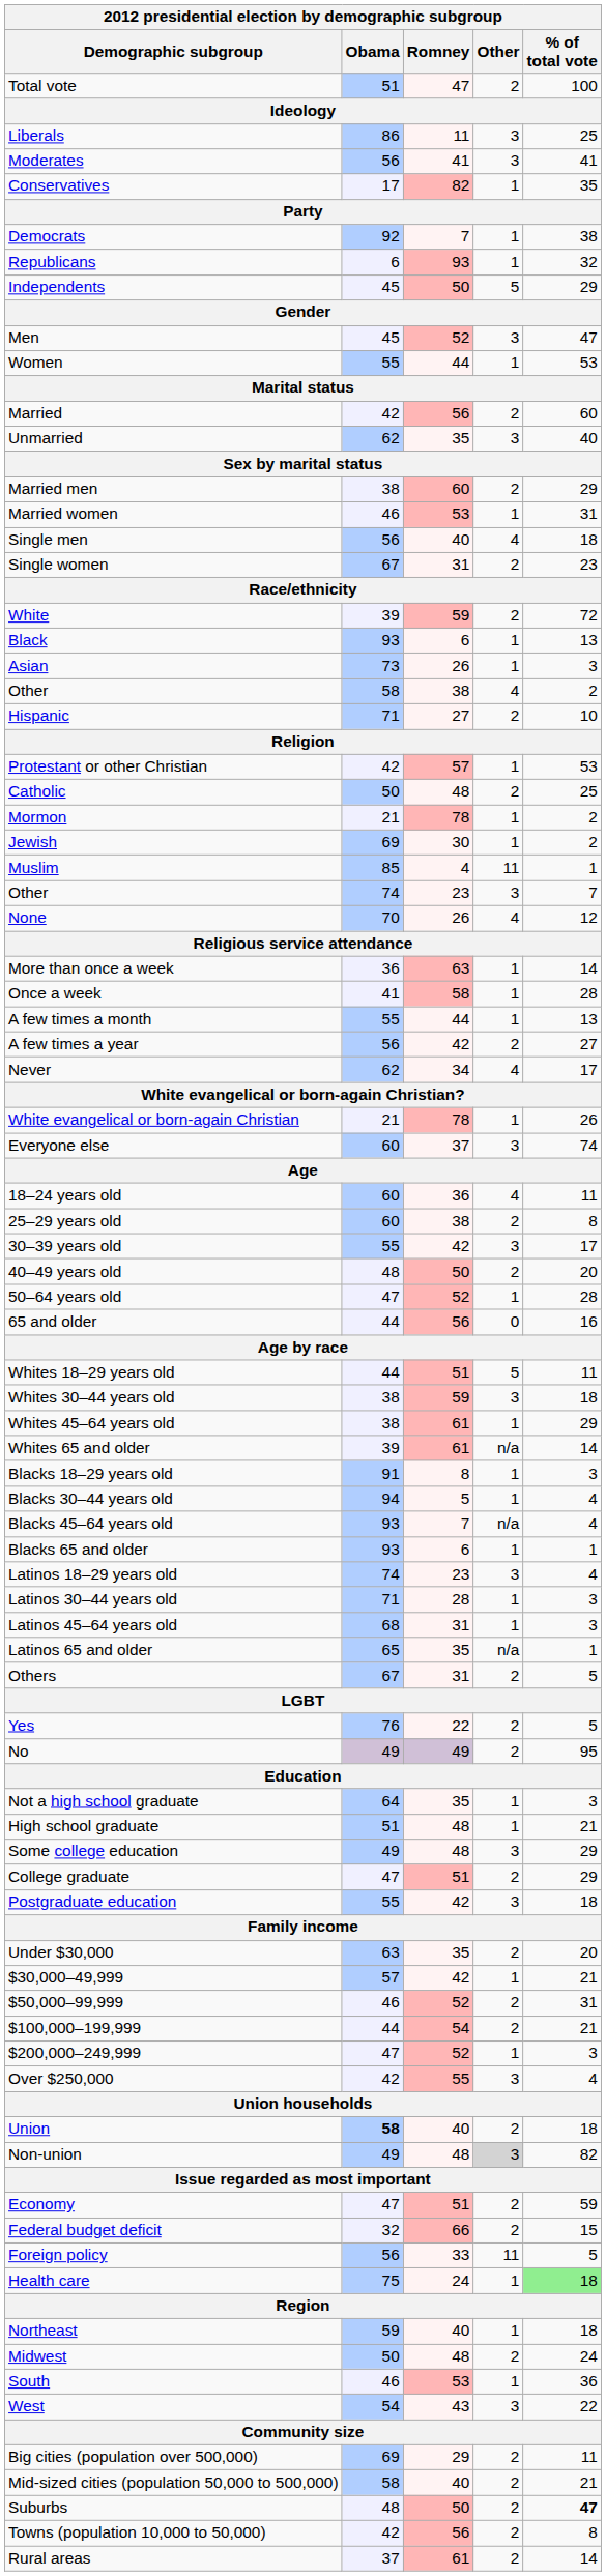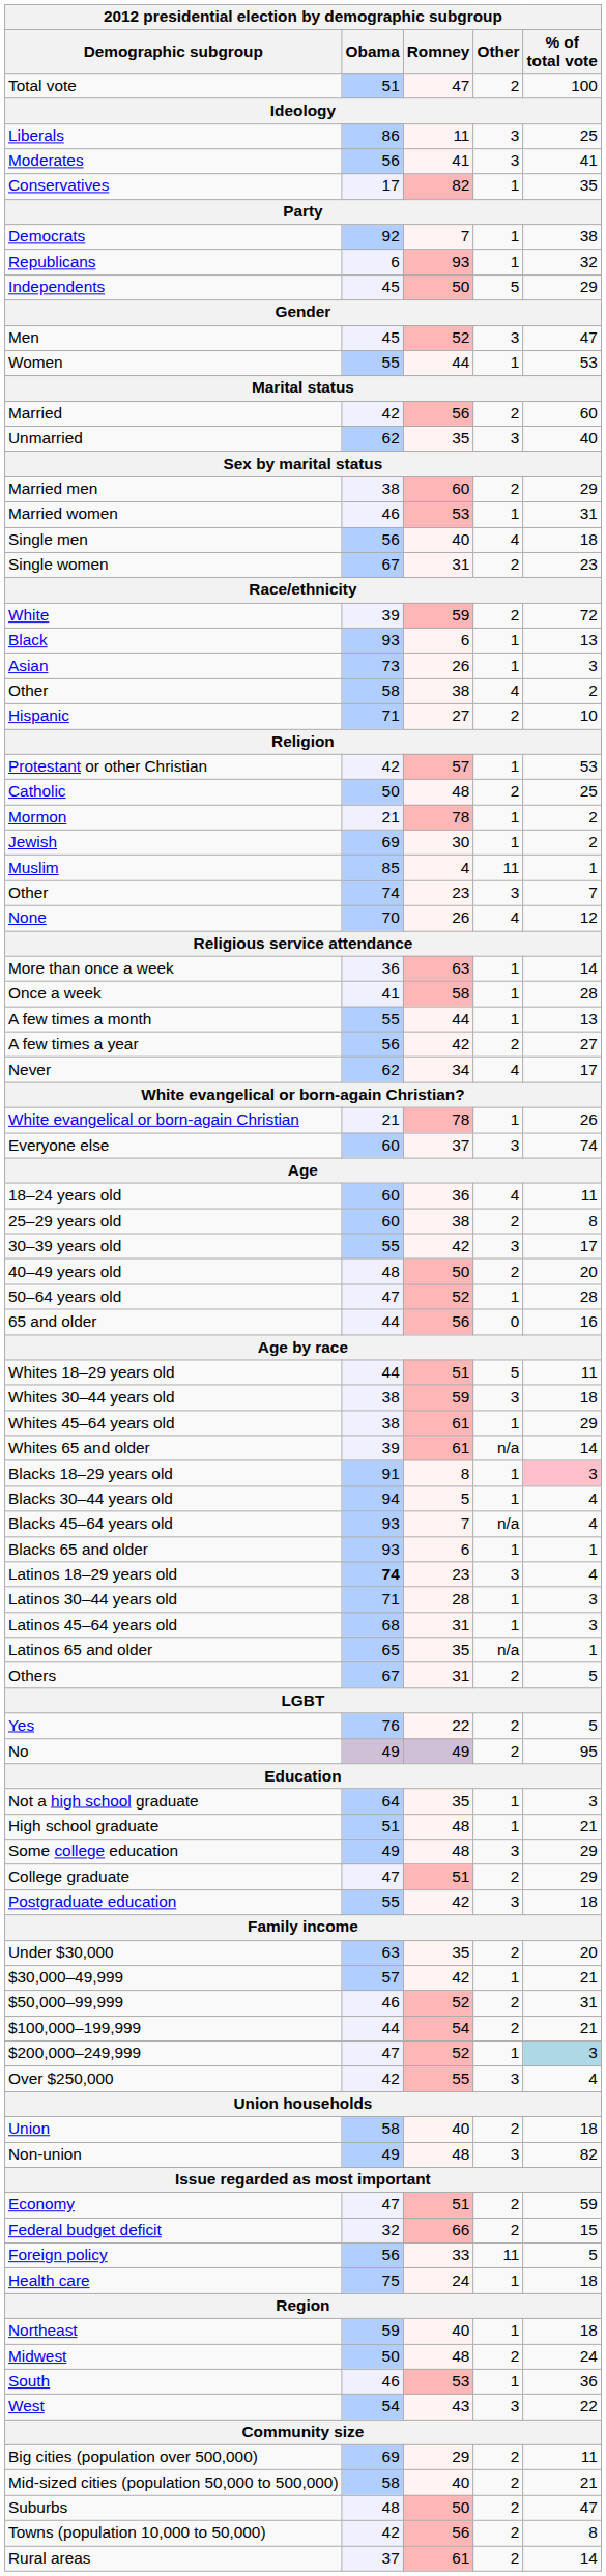 <table class=wikitable>
 <tr>
 <th colspan="8">2012 presidential election by demographic subgroup</th>
 </tr>
 <tr>
 <th>Demographic subgroup</th>
 <th>Obama</th>
 <th>Romney</th>
 <th>Other</th>
 <th>% of<br>total vote</th>
 </tr>
 <tr>
 <td>Total vote</td>
 <td style="text-align:right; background:#b0ceff;">51</td>
 <td style="text-align:right; background:#fff3f3;">47</td>
 <td style="text-align:right;">2</td>
 <td style="text-align:right;">100</td>
 </tr>
 <tr>
 <th colspan=5>Ideology</th>
 </tr>
 <tr>
 <td><a href='#'>Liberals</a></td>
 <td style="text-align:right; background:#b0ceff;">86</td>
 <td style="text-align:right; background:#fff3f3;">11</td>
 <td style="text-align:right;">3</td>
 <td style="text-align:right;">25</td>
 </tr>
 <tr>
 <td><a href='#'>Moderates</a></td>
 <td style="text-align:right; background:#b0ceff;">56</td>
 <td style="text-align:right; background:#fff3f3;">41</td>
 <td style="text-align:right;">3</td>
 <td style="text-align:right;">41</td>
 </tr>
 <tr>
 <td><a href='#'>Conservatives</a></td>
 <td style="text-align:right; background:#f0f0ff;">17</td>
 <td style="text-align:right; background:#ffb6b6;">82</td>
 <td style="text-align:right;">1</td>
 <td style="text-align:right;">35</td>
 </tr>
 <tr>
 <th colspan=5>Party</th>
 </tr>
 <tr>
 <td><a href='#'>Democrats</a></td>
 <td style="text-align:right; background:#b0ceff;">92</td>
 <td style="text-align:right; background:#fff3f3;">7</td>
 <td style="text-align:right;">1</td>
 <td style="text-align:right;">38</td>
 </tr>
 <tr>
 <td><a href='#'>Republicans</a></td>
 <td style="text-align:right; background:#f0f0ff;">6</td>
 <td style="text-align:right; background:#ffb6b6;">93</td>
 <td style="text-align:right;">1</td>
 <td style="text-align:right;">32</td>
 </tr>
 <tr>
 <td><a href='#'>Independents</a></td>
 <td style="text-align:right; background:#f0f0ff;">45</td>
 <td style="text-align:right; background:#ffb6b6;">50</td>
 <td style="text-align:right;">5</td>
 <td style="text-align:right;">29</td>
 </tr>
 <tr>
 <th colspan=5>Gender</th>
 </tr>
 <tr>
 <td>Men</td>
 <td style="text-align:right; background:#f0f0ff;">45</td>
 <td style="text-align:right; background:#ffb6b6;">52</td>
 <td style="text-align:right;">3</td>
 <td style="text-align:right;">47</td>
 </tr>
 <tr>
 <td>Women</td>
 <td style="text-align:right; background:#b0ceff;">55</td>
 <td style="text-align:right; background:#fff3f3;">44</td>
 <td style="text-align:right;">1</td>
 <td style="text-align:right;">53</td>
 </tr>
 <tr>
 <th colspan=5>Marital status</th>
 </tr>
 <tr>
 <td>Married</td>
 <td style="text-align:right; background:#f0f0ff;">42</td>
 <td style="text-align:right; background:#ffb6b6;">56</td>
 <td style="text-align:right;">2</td>
 <td style="text-align:right;">60</td>
 </tr>
 <tr>
 <td>Unmarried</td>
 <td style="text-align:right; background:#b0ceff;">62</td>
 <td style="text-align:right; background:#fff3f3;">35</td>
 <td style="text-align:right;">3</td>
 <td style="text-align:right;">40</td>
 </tr>
 <tr>
 <th colspan=5>Sex by marital status</th>
 </tr>
 <tr>
 <td>Married men</td>
 <td style="text-align:right; background:#f0f0ff;">38</td>
 <td style="text-align:right; background:#ffb6b6;">60</td>
 <td style="text-align:right;">2</td>
 <td style="text-align:right;">29</td>
 </tr>
 <tr>
 <td>Married women</td>
 <td style="text-align:right; background:#f0f0ff;">46</td>
 <td style="text-align:right; background:#ffb6b6;">53</td>
 <td style="text-align:right;">1</td>
 <td style="text-align:right;">31</td>
 </tr>
 <tr>
 <td>Single men</td>
 <td style="text-align:right; background:#b0ceff;">56</td>
 <td style="text-align:right; background:#fff3f3;">40</td>
 <td style="text-align:right;">4</td>
 <td style="text-align:right;">18</td>
 </tr>
 <tr>
 <td>Single women</td>
 <td style="text-align:right; background:#b0ceff;">67</td>
 <td style="text-align:right; background:#fff3f3;">31</td>
 <td style="text-align:right;">2</td>
 <td style="text-align:right;">23</td>
 </tr>
 <tr>
 <th colspan=5>Race/ethnicity</th>
 </tr>
 <tr>
 <td><a href='#'>White</a></td>
 <td style="text-align:right; background:#f0f0ff;">39</td>
 <td style="text-align:right; background:#ffb6b6;">59</td>
 <td style="text-align:right;">2</td>
 <td style="text-align:right;">72</td>
 </tr>
 <tr>
 <td><a href='#'>Black</a></td>
 <td style="text-align:right; background:#b0ceff;">93</td>
 <td style="text-align:right; background:#fff3f3;">6</td>
 <td style="text-align:right;">1</td>
 <td style="text-align:right;">13</td>
 </tr>
 <tr>
 <td><a href='#'>Asian</a></td>
 <td style="text-align:right; background:#b0ceff;">73</td>
 <td style="text-align:right; background:#fff3f3;">26</td>
 <td style="text-align:right;">1</td>
 <td style="text-align:right;">3</td>
 </tr>
 <tr>
 <td>Other</td>
 <td style="text-align:right; background:#b0ceff;">58</td>
 <td style="text-align:right; background:#fff3f3;">38</td>
 <td style="text-align:right;">4</td>
 <td style="text-align:right;">2</td>
 </tr>
 <tr>
 <td><a href='#'>Hispanic</a></td>
 <td style="text-align:right; background:#b0ceff;">71</td>
 <td style="text-align:right; background:#fff3f3;">27</td>
 <td style="text-align:right;">2</td>
 <td style="text-align:right;">10</td>
 </tr>
 <tr>
 <th colspan=5>Religion</th>
 </tr>
 <tr>
 <td><a href='#'>Protestant</a> or other Christian</td>
 <td style="text-align:right; background:#f0f0ff;">42</td>
 <td style="text-align:right; background:#ffb6b6;">57</td>
 <td style="text-align:right;">1</td>
 <td style="text-align:right;">53</td>
 </tr>
 <tr>
 <td><a href='#'>Catholic</a></td>
 <td style="text-align:right; background:#b0ceff;">50</td>
 <td style="text-align:right; background:#fff3f3;">48</td>
 <td style="text-align:right;">2</td>
 <td style="text-align:right;">25</td>
 </tr>
 <tr>
 <td><a href='#'>Mormon</a></td>
 <td style="text-align:right; background:#f0f0ff;">21</td>
 <td style="text-align:right; background:#ffb6b6;">78</td>
 <td style="text-align:right;">1</td>
 <td style="text-align:right;">2</td>
 </tr>
 <tr>
 <td><a href='#'>Jewish</a></td>
 <td style="text-align:right; background:#b0ceff;">69</td>
 <td style="text-align:right; background:#fff3f3;">30</td>
 <td style="text-align:right;">1</td>
 <td style="text-align:right;">2</td>
 </tr>
 <tr>
 <td><a href='#'>Muslim</a></td>
 <td style="text-align:right; background:#b0ceff;">85</td>
 <td style="text-align:right; background:#fff3f3;">4</td>
 <td style="text-align:right;">11</td>
 <td style="text-align:right;">1</td>
 </tr>
 <tr>
 <td>Other</td>
 <td style="text-align:right; background:#b0ceff;">74</td>
 <td style="text-align:right; background:#fff3f3;">23</td>
 <td style="text-align:right;">3</td>
 <td style="text-align:right;">7</td>
 </tr>
 <tr>
 <td><a href='#'>None</a></td>
 <td style="text-align:right; background:#b0ceff;">70</td>
 <td style="text-align:right; background:#fff3f3;">26</td>
 <td style="text-align:right;">4</td>
 <td style="text-align:right;">12</td>
 </tr>
 <tr>
 <th colspan=5>Religious service attendance</th>
 </tr>
 <tr>
 <td>More than once a week</td>
 <td style="text-align:right; background:#f0f0ff;">36</td>
 <td style="text-align:right; background:#ffb6b6;">63</td>
 <td style="text-align:right;">1</td>
 <td style="text-align:right;">14</td>
 </tr>
 <tr>
 <td>Once a week</td>
 <td style="text-align:right; background:#f0f0ff;">41</td>
 <td style="text-align:right; background:#ffb6b6;">58</td>
 <td style="text-align:right;">1</td>
 <td style="text-align:right;">28</td>
 </tr>
 <tr>
 <td>A few times a month</td>
 <td style="text-align:right; background:#b0ceff;">55</td>
 <td style="text-align:right; background:#fff3f3;">44</td>
 <td style="text-align:right;">1</td>
 <td style="text-align:right;">13</td>
 </tr>
 <tr>
 <td>A few times a year</td>
 <td style="text-align:right; background:#b0ceff;">56</td>
 <td style="text-align:right; background:#fff3f3;">42</td>
 <td style="text-align:right;">2</td>
 <td style="text-align:right;">27</td>
 </tr>
 <tr>
 <td>Never</td>
 <td style="text-align:right; background:#b0ceff;">62</td>
 <td style="text-align:right; background:#fff3f3;">34</td>
 <td style="text-align:right;">4</td>
 <td style="text-align:right;">17</td>
 </tr>
 <tr>
 <th colspan=5>White evangelical or born-again Christian?</th>
 </tr>
 <tr>
 <td><a href='#'>White evangelical or born-again Christian</a></td>
 <td style="text-align:right; background:#f0f0ff;">21</td>
 <td style="text-align:right; background:#ffb6b6;">78</td>
 <td style="text-align:right;">1</td>
 <td style="text-align:right;">26</td>
 </tr>
 <tr>
 <td>Everyone else</td>
 <td style="text-align:right; background:#b0ceff;">60</td>
 <td style="text-align:right; background:#fff3f3;">37</td>
 <td style="text-align:right;">3</td>
 <td style="text-align:right;">74</td>
 </tr>
 <tr>
 <th colspan=5>Age</th>
 </tr>
 <tr>
 <td>18–24 years old</td>
 <td style="text-align:right; background:#b0ceff;">60</td>
 <td style="text-align:right; background:#fff3f3;">36</td>
 <td style="text-align:right;">4</td>
 <td style="text-align:right;">11</td>
 </tr>
 <tr>
 <td>25–29 years old</td>
 <td style="text-align:right; background:#b0ceff;">60</td>
 <td style="text-align:right; background:#fff3f3;">38</td>
 <td style="text-align:right;">2</td>
 <td style="text-align:right;">8</td>
 </tr>
 <tr>
 <td>30–39 years old</td>
 <td style="text-align:right; background:#b0ceff;">55</td>
 <td style="text-align:right; background:#fff3f3;">42</td>
 <td style="text-align:right;">3</td>
 <td style="text-align:right;">17</td>
 </tr>
 <tr>
 <td>40–49 years old</td>
 <td style="text-align:right; background:#f0f0ff;">48</td>
 <td style="text-align:right; background:#ffb6b6;">50</td>
 <td style="text-align:right;">2</td>
 <td style="text-align:right;">20</td>
 </tr>
 <tr>
 <td>50–64 years old</td>
 <td style="text-align:right; background:#f0f0ff;">47</td>
 <td style="text-align:right; background:#ffb6b6;">52</td>
 <td style="text-align:right;">1</td>
 <td style="text-align:right;">28</td>
 </tr>
 <tr>
 <td>65 and older</td>
 <td style="text-align:right; background:#f0f0ff;">44</td>
 <td style="text-align:right; background:#ffb6b6;">56</td>
 <td style="text-align:right;">0</td>
 <td style="text-align:right;">16</td>
 </tr>
 <tr>
 <th colspan=5>Age by race</th>
 </tr>
 <tr>
 <td>Whites 18–29 years old</td>
 <td style="text-align:right; background:#f0f0ff;">44</td>
 <td style="text-align:right; background:#ffb6b6;">51</td>
 <td style="text-align:right;">5</td>
 <td style="text-align:right;">11</td>
 </tr>
 <tr>
 <td>Whites 30–44 years old</td>
 <td style="text-align:right; background:#f0f0ff;">38</td>
 <td style="text-align:right; background:#ffb6b6;">59</td>
 <td style="text-align:right;">3</td>
 <td style="text-align:right;">18</td>
 </tr>
 <tr>
 <td>Whites 45–64 years old</td>
 <td style="text-align:right; background:#f0f0ff;">38</td>
 <td style="text-align:right; background:#ffb6b6;">61</td>
 <td style="text-align:right;">1</td>
 <td style="text-align:right;">29</td>
 </tr>
 <tr>
 <td>Whites 65 and older</td>
 <td style="text-align:right; background:#f0f0ff;">39</td>
 <td style="text-align:right; background:#ffb6b6;">61</td>
 <td style="text-align:right;">n/a</td>
 <td style="text-align:right;">14</td>
 </tr>
 <tr>
 <td>Blacks 18–29 years old</td>
 <td style="text-align:right; background:#b0ceff;">91</td>
 <td style="text-align:right; background:#fff3f3;">8</td>
 <td style="text-align:right;">1</td>
-<td style="text-align:right;">3</td>
+<td style="background: pink; text-align:right;">3</td>
 </tr>
 <tr>
 <td>Blacks 30–44 years old</td>
 <td style="text-align:right; background:#b0ceff;">94</td>
 <td style="text-align:right; background:#fff3f3;">5</td>
 <td style="text-align:right;">1</td>
 <td style="text-align:right;">4</td>
 </tr>
 <tr>
 <td>Blacks 45–64 years old</td>
 <td style="text-align:right; background:#b0ceff;">93</td>
 <td style="text-align:right; background:#fff3f3;">7</td>
 <td style="text-align:right;">n/a</td>
 <td style="text-align:right;">4</td>
 </tr>
 <tr>
 <td>Blacks 65 and older</td>
 <td style="text-align:right; background:#b0ceff;">93</td>
 <td style="text-align:right; background:#fff3f3;">6</td>
 <td style="text-align:right;">1</td>
 <td style="text-align:right;">1</td>
 </tr>
 <tr>
 <td>Latinos 18–29 years old</td>
-<td style="text-align:right; background:#b0ceff;">74</td>
+<td style="text-align:right; background:#b0ceff;"><strong>74</strong></td>
 <td style="text-align:right; background:#fff3f3;">23</td>
 <td style="text-align:right;">3</td>
 <td style="text-align:right;">4</td>
 </tr>
 <tr>
 <td>Latinos 30–44 years old</td>
 <td style="text-align:right; background:#b0ceff;">71</td>
 <td style="text-align:right; background:#fff3f3;">28</td>
 <td style="text-align:right;">1</td>
 <td style="text-align:right;">3</td>
 </tr>
 <tr>
 <td>Latinos 45–64 years old</td>
 <td style="text-align:right; background:#b0ceff;">68</td>
 <td style="text-align:right; background:#fff3f3;">31</td>
 <td style="text-align:right;">1</td>
 <td style="text-align:right;">3</td>
 </tr>
 <tr>
 <td>Latinos 65 and older</td>
 <td style="text-align:right; background:#b0ceff;">65</td>
 <td style="text-align:right; background:#fff3f3;">35</td>
 <td style="text-align:right;">n/a</td>
 <td style="text-align:right;">1</td>
 </tr>
 <tr>
 <td>Others</td>
 <td style="text-align:right; background:#b0ceff;">67</td>
 <td style="text-align:right; background:#fff3f3;">31</td>
 <td style="text-align:right;">2</td>
 <td style="text-align:right;">5</td>
 </tr>
 <tr>
 <th colspan=5>LGBT</th>
 </tr>
 <tr>
 <td><a href='#'>Yes</a></td>
 <td style="text-align:right; background:#b0ceff;">76</td>
 <td style="text-align:right; background:#fff3f3;">22</td>
 <td style="text-align:right;">2</td>
 <td style="text-align:right;">5</td>
 </tr>
 <tr>
 <td>No</td>
 <td style="text-align:right; background:#d0c0d7;">49</td>
 <td style="text-align:right; background:#d0c0d7;">49</td>
 <td style="text-align:right;">2</td>
 <td style="text-align:right;">95</td>
 </tr>
 <tr>
 <th colspan=5>Education</th>
 </tr>
 <tr>
 <td>Not a <a href='#'>high school</a> graduate</td>
 <td style="text-align:right; background:#b0ceff;">64</td>
 <td style="text-align:right; background:#fff3f3;">35</td>
 <td style="text-align:right;">1</td>
 <td style="text-align:right;">3</td>
 </tr>
 <tr>
 <td>High school graduate</td>
 <td style="text-align:right; background:#b0ceff;">51</td>
 <td style="text-align:right; background:#fff3f3;">48</td>
 <td style="text-align:right;">1</td>
 <td style="text-align:right;">21</td>
 </tr>
 <tr>
 <td>Some <a href='#'>college</a> education</td>
 <td style="text-align:right; background:#b0ceff;">49</td>
 <td style="text-align:right; background:#fff3f3;">48</td>
 <td style="text-align:right;">3</td>
 <td style="text-align:right;">29</td>
 </tr>
 <tr>
 <td>College graduate</td>
 <td style="text-align:right; background:#f0f0ff;">47</td>
 <td style="text-align:right; background:#ffb6b6;">51</td>
 <td style="text-align:right;">2</td>
 <td style="text-align:right;">29</td>
 </tr>
 <tr>
 <td><a href='#'>Postgraduate education</a></td>
 <td style="text-align:right; background:#b0ceff;">55</td>
 <td style="text-align:right; background:#fff3f3;">42</td>
 <td style="text-align:right;">3</td>
 <td style="text-align:right;">18</td>
 </tr>
 <tr>
 <th colspan=5>Family income</th>
 </tr>
 <tr>
 <td>Under $30,000</td>
 <td style="text-align:right; background:#b0ceff;">63</td>
 <td style="text-align:right; background:#fff3f3;">35</td>
 <td style="text-align:right;">2</td>
 <td style="text-align:right;">20</td>
 </tr>
 <tr>
 <td>$30,000–49,999</td>
 <td style="text-align:right; background:#b0ceff;">57</td>
 <td style="text-align:right; background:#fff3f3;">42</td>
 <td style="text-align:right;">1</td>
 <td style="text-align:right;">21</td>
 </tr>
 <tr>
 <td>$50,000–99,999</td>
 <td style="text-align:right; background:#f0f0ff;">46</td>
 <td style="text-align:right; background:#ffb6b6;">52</td>
 <td style="text-align:right;">2</td>
 <td style="text-align:right;">31</td>
 </tr>
 <tr>
 <td>$100,000–199,999</td>
 <td style="text-align:right; background:#f0f0ff;">44</td>
 <td style="text-align:right; background:#ffb6b6;">54</td>
 <td style="text-align:right;">2</td>
 <td style="text-align:right;">21</td>
 </tr>
 <tr>
 <td>$200,000–249,999</td>
 <td style="text-align:right; background:#f0f0ff;">47</td>
 <td style="text-align:right; background:#ffb6b6;">52</td>
 <td style="text-align:right;">1</td>
-<td style="text-align:right;">3</td>
+<td style="background: lightblue; text-align:right;">3</td>
 </tr>
 <tr>
 <td>Over $250,000</td>
 <td style="text-align:right; background:#f0f0ff;">42</td>
 <td style="text-align:right; background:#ffb6b6;">55</td>
 <td style="text-align:right;">3</td>
 <td style="text-align:right;">4</td>
 </tr>
 <tr>
 <th colspan=5>Union households</th>
 </tr>
 <tr>
 <td><a href='#'>Union</a></td>
-<td style="text-align:right; background:#b0ceff;"><strong>58</strong></td>
+<td style="text-align:right; background:#b0ceff;">58</td>
 <td style="text-align:right; background:#fff3f3;">40</td>
 <td style="text-align:right;">2</td>
 <td style="text-align:right;">18</td>
 </tr>
 <tr>
 <td>Non-union</td>
 <td style="text-align:right; background:#b0ceff;">49</td>
 <td style="text-align:right; background:#fff3f3;">48</td>
-<td style="background: lightgrey; text-align:right;">3</td>
+<td style="text-align:right;">3</td>
 <td style="text-align:right;">82</td>
 </tr>
 <tr>
 <th colspan=5>Issue regarded as most important</th>
 </tr>
 <tr>
 <td><a href='#'>Economy</a></td>
 <td style="text-align:right; background:#f0f0ff;">47</td>
 <td style="text-align:right; background:#ffb6b6;">51</td>
 <td style="text-align:right;">2</td>
 <td style="text-align:right;">59</td>
 </tr>
 <tr>
 <td><a href='#'>Federal budget deficit</a></td>
 <td style="text-align:right; background:#f0f0ff;">32</td>
 <td style="text-align:right; background:#ffb6b6;">66</td>
 <td style="text-align:right;">2</td>
 <td style="text-align:right;">15</td>
 </tr>
 <tr>
 <td><a href='#'>Foreign policy</a></td>
 <td style="text-align:right; background:#b0ceff;">56</td>
 <td style="text-align:right; background:#fff3f3;">33</td>
 <td style="text-align:right;">11</td>
 <td style="text-align:right;">5</td>
 </tr>
 <tr>
 <td><a href='#'>Health care</a></td>
 <td style="text-align:right; background:#b0ceff;">75</td>
 <td style="text-align:right; background:#fff3f3;">24</td>
 <td style="text-align:right;">1</td>
-<td style="background: lightgreen; text-align:right;">18</td>
+<td style="text-align:right;">18</td>
 </tr>
 <tr>
 <th colspan=5>Region</th>
 </tr>
 <tr>
 <td><a href='#'>Northeast</a></td>
 <td style="text-align:right; background:#b0ceff;">59</td>
 <td style="text-align:right; background:#fff3f3;">40</td>
 <td style="text-align:right;">1</td>
 <td style="text-align:right;">18</td>
 </tr>
 <tr>
 <td><a href='#'>Midwest</a></td>
 <td style="text-align:right; background:#b0ceff;">50</td>
 <td style="text-align:right; background:#fff3f3;">48</td>
 <td style="text-align:right;">2</td>
 <td style="text-align:right;">24</td>
 </tr>
 <tr>
 <td><a href='#'>South</a></td>
 <td style="text-align:right; background:#f0f0ff;">46</td>
 <td style="text-align:right; background:#ffb6b6;">53</td>
 <td style="text-align:right;">1</td>
 <td style="text-align:right;">36</td>
 </tr>
 <tr>
 <td><a href='#'>West</a></td>
 <td style="text-align:right; background:#b0ceff;">54</td>
 <td style="text-align:right; background:#fff3f3;">43</td>
 <td style="text-align:right;">3</td>
 <td style="text-align:right;">22</td>
 </tr>
 <tr>
 <th colspan=5>Community size</th>
 </tr>
 <tr>
 <td>Big cities (population over 500,000)</td>
 <td style="text-align:right; background:#b0ceff;">69</td>
 <td style="text-align:right; background:#fff3f3;">29</td>
 <td style="text-align:right;">2</td>
 <td style="text-align:right;">11</td>
 </tr>
 <tr>
 <td>Mid-sized cities (population 50,000 to 500,000)</td>
 <td style="text-align:right; background:#b0ceff;">58</td>
 <td style="text-align:right; background:#fff3f3;">40</td>
 <td style="text-align:right;">2</td>
 <td style="text-align:right;">21</td>
 </tr>
 <tr>
 <td>Suburbs</td>
 <td style="text-align:right; background:#f0f0ff;">48</td>
 <td style="text-align:right; background:#ffb6b6;">50</td>
 <td style="text-align:right;">2</td>
-<td style="text-align:right;"><strong>47</strong></td>
+<td style="text-align:right;">47</td>
 </tr>
 <tr>
 <td>Towns (population 10,000 to 50,000)</td>
 <td style="text-align:right; background:#f0f0ff;">42</td>
 <td style="text-align:right; background:#ffb6b6;">56</td>
 <td style="text-align:right;">2</td>
 <td style="text-align:right;">8</td>
 </tr>
 <tr>
 <td>Rural areas</td>
 <td style="text-align:right; background:#f0f0ff;">37</td>
 <td style="text-align:right; background:#ffb6b6;">61</td>
 <td style="text-align:right;">2</td>
 <td style="text-align:right;">14</td>
 </tr>
 </table>
